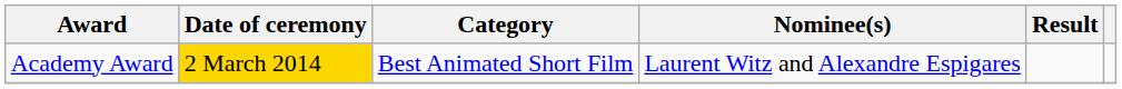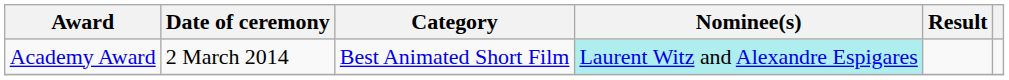 <table class="wikitable">
 <tr>
 <th>Award</th>
 <th>Date of ceremony</th>
 <th>Category</th>
 <th>Nominee(s)</th>
 <th>Result</th>
 <th></th>
 </tr>
 <tr>
 <td><a href='#'>Academy Award</a></td>
-<td style="background: gold;">2 March 2014</td>
+<td>2 March 2014</td>
 <td><a href='#'>Best Animated Short Film</a></td>
-<td><a href='#'>Laurent Witz</a> and <a href='#'>Alexandre Espigares</a></td>
+<td style="background: paleturquoise;"><a href='#'>Laurent Witz</a> and <a href='#'>Alexandre Espigares</a></td>
 <td></td>
 <td></td>
 </tr>
 <tr>
 </tr>
 </table>
